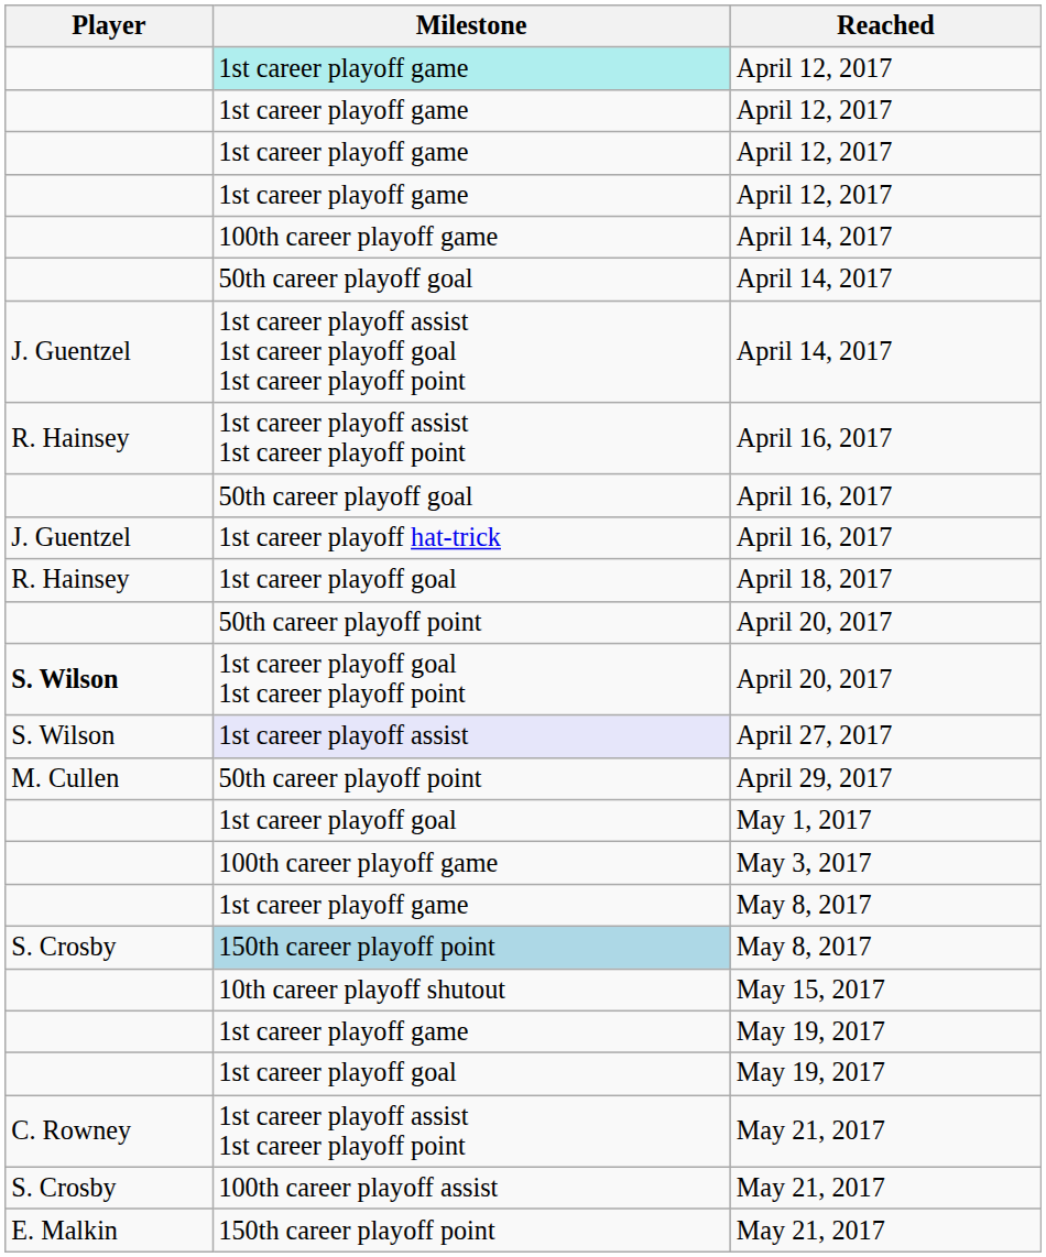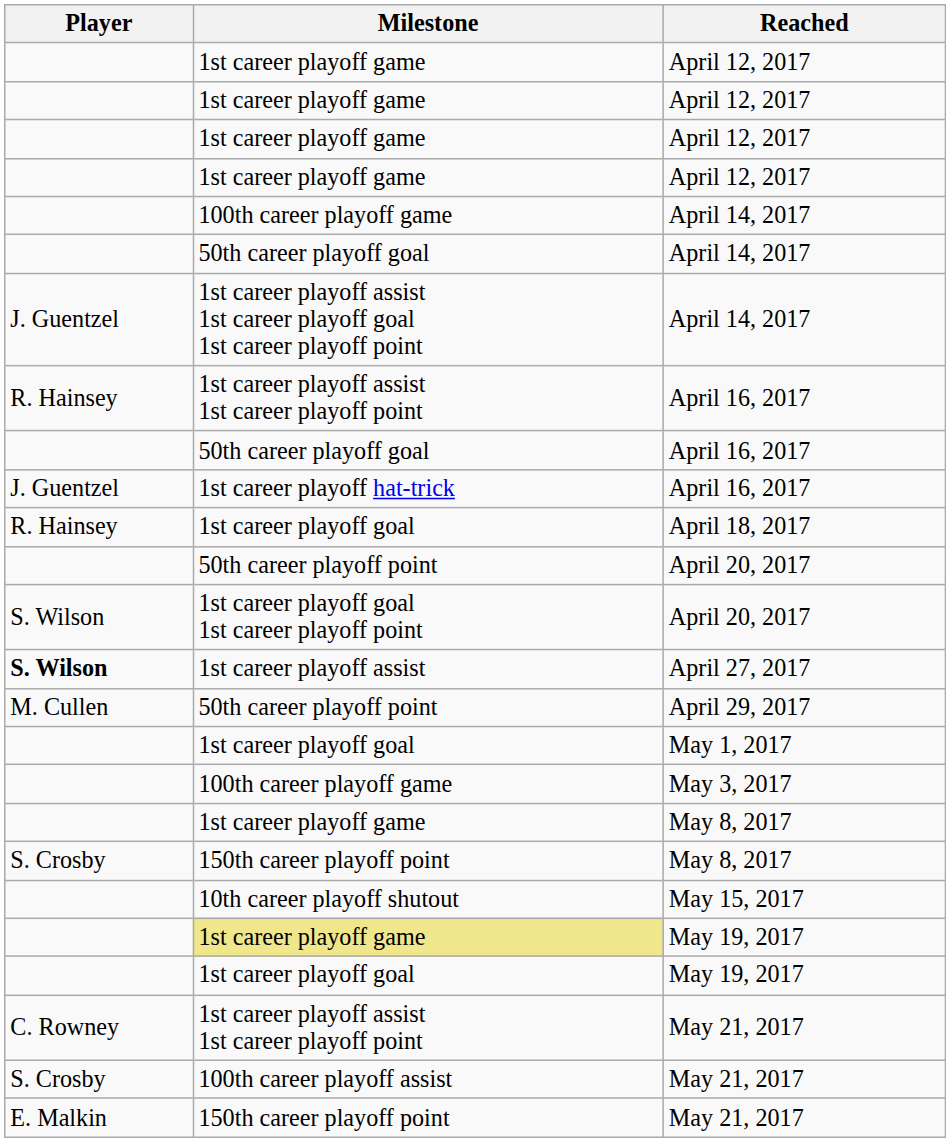 <table class="wikitable sortable" style="width:100%;">
 <tr align=center>
 <th style="width:20%;">Player</th>
 <th style="width:50%;">Milestone</th>
 <th style="width:30%;" data-sort-type="date">Reached</th>
 </tr>
 <tr>
 <td></td>
-<td style="background: paleturquoise;">1st career playoff game</td>
+<td>1st career playoff game</td>
 <td>April 12, 2017</td>
 </tr>
 <tr>
 <td></td>
 <td>1st career playoff game</td>
 <td>April 12, 2017</td>
 </tr>
 <tr>
 <td></td>
 <td>1st career playoff game</td>
 <td>April 12, 2017</td>
 </tr>
 <tr>
 <td></td>
 <td>1st career playoff game</td>
 <td>April 12, 2017</td>
 </tr>
 <tr>
 <td></td>
 <td>100th career playoff game</td>
 <td>April 14, 2017</td>
 </tr>
 <tr>
 <td></td>
 <td>50th career playoff goal</td>
 <td>April 14, 2017</td>
 </tr>
 <tr>
 <td>J. Guentzel</td>
 <td>1st career playoff assist<br>1st career playoff goal<br>1st career playoff point</td>
 <td>April 14, 2017</td>
 </tr>
 <tr>
 <td>R. Hainsey</td>
 <td>1st career playoff assist<br>1st career playoff point</td>
 <td>April 16, 2017</td>
 </tr>
 <tr>
 <td></td>
 <td>50th career playoff goal</td>
 <td>April 16, 2017</td>
 </tr>
 <tr>
 <td>J. Guentzel</td>
 <td>1st career playoff <a href='#'>hat-trick</a></td>
 <td>April 16, 2017</td>
 </tr>
 <tr>
 <td>R. Hainsey</td>
 <td>1st career playoff goal</td>
 <td>April 18, 2017</td>
 </tr>
 <tr>
 <td></td>
 <td>50th career playoff point</td>
 <td>April 20, 2017</td>
 </tr>
 <tr>
-<td><strong>S. Wilson</strong></td>
+<td>S. Wilson</td>
 <td>1st career playoff goal<br>1st career playoff point</td>
 <td>April 20, 2017</td>
 </tr>
 <tr>
-<td>S. Wilson</td>
-<td style="background: lavender;">1st career playoff assist</td>
+<td><strong>S. Wilson</strong></td>
+<td>1st career playoff assist</td>
 <td>April 27, 2017</td>
 </tr>
 <tr>
 <td>M. Cullen</td>
 <td>50th career playoff point</td>
 <td>April 29, 2017</td>
 </tr>
 <tr>
 <td></td>
 <td>1st career playoff goal</td>
 <td>May 1, 2017</td>
 </tr>
 <tr>
 <td></td>
 <td>100th career playoff game</td>
 <td>May 3, 2017</td>
 </tr>
 <tr>
 <td></td>
 <td>1st career playoff game</td>
 <td>May 8, 2017</td>
 </tr>
 <tr>
 <td>S. Crosby</td>
-<td style="background: lightblue;">150th career playoff point</td>
+<td>150th career playoff point</td>
 <td>May 8, 2017</td>
 </tr>
 <tr>
 <td></td>
 <td>10th career playoff shutout</td>
 <td>May 15, 2017</td>
 </tr>
 <tr>
 <td></td>
-<td>1st career playoff game</td>
+<td style="background: khaki;">1st career playoff game</td>
 <td>May 19, 2017</td>
 </tr>
 <tr>
 <td></td>
 <td>1st career playoff goal</td>
 <td>May 19, 2017</td>
 </tr>
 <tr>
 <td>C. Rowney</td>
 <td>1st career playoff assist<br>1st career playoff point</td>
 <td>May 21, 2017</td>
 </tr>
 <tr>
 <td>S. Crosby</td>
 <td>100th career playoff assist</td>
 <td>May 21, 2017</td>
 </tr>
 <tr>
 <td>E. Malkin</td>
 <td>150th career playoff point</td>
 <td>May 21, 2017</td>
 </tr>
 </table>
